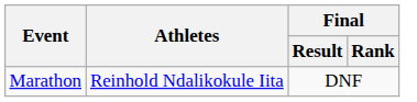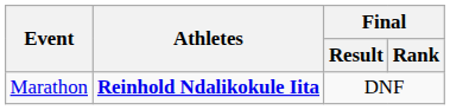 <table class="wikitable" border="1" style="font-size:90%">
 <tr>
 <th rowspan="2">Event</th>
 <th rowspan="2">Athletes</th>
 <th colspan="2">Final</th>
 </tr>
 <tr>
 <th>Result</th>
 <th>Rank</th>
 </tr>
 <tr>
 <td><a href='#'>Marathon</a></td>
-<td><a href='#'>Reinhold Ndalikokule Iita</a></td>
+<td><strong><a href='#'>Reinhold Ndalikokule Iita</a></strong></td>
 <td align=center colspan=2>DNF</td>
 </tr>
 </table>
